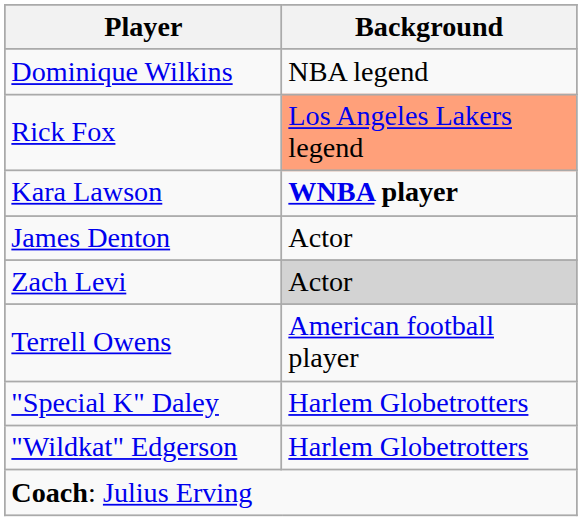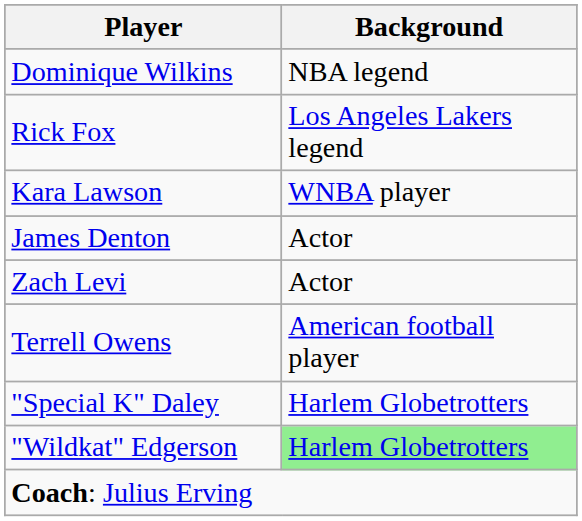 <table class="wikitable">
 <tr>
 <th width=150>Player</th>
 <th width=160>Background</th>
 </tr>
 <tr>
 <td><a href='#'>Dominique Wilkins</a></td>
 <td>NBA legend</td>
 </tr>
 <tr>
 <td><a href='#'>Rick Fox</a></td>
-<td style="background: lightsalmon;"><a href='#'>Los Angeles Lakers</a> legend</td>
+<td><a href='#'>Los Angeles Lakers</a> legend</td>
 </tr>
 <tr>
 <td><a href='#'>Kara Lawson</a></td>
-<td><strong><a href='#'>WNBA</a> player</strong></td>
+<td><a href='#'>WNBA</a> player</td>
 </tr>
 <tr>
 <td><a href='#'>James Denton</a></td>
 <td>Actor</td>
 </tr>
 <tr>
 <td><a href='#'>Zach Levi</a></td>
-<td style="background: lightgrey;">Actor</td>
+<td>Actor</td>
 </tr>
 <tr>
 <td><a href='#'>Terrell Owens</a></td>
 <td><a href='#'>American football</a> player</td>
 </tr>
 <tr>
 <td><a href='#'>"Special K" Daley</a></td>
 <td><a href='#'>Harlem Globetrotters</a></td>
 </tr>
 <tr>
 <td><a href='#'>"Wildkat" Edgerson</a></td>
-<td><a href='#'>Harlem Globetrotters</a></td>
+<td style="background: lightgreen;"><a href='#'>Harlem Globetrotters</a></td>
 </tr>
 <tr>
 <td colspan="3"><strong>Coach</strong>: <a href='#'>Julius Erving</a></td>
 </tr>
 </table>
